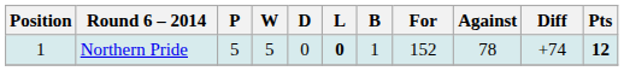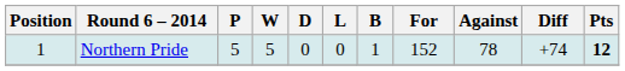 <table class="wikitable" style="text-align:center; font-size:85%;">
 <tr>
 <th width=40 abbr="Position">Position</th>
 <th width=100>Round 6 – 2014</th>
 <th width=20 abbr="Played">P</th>
 <th width=20 abbr="Won">W</th>
 <th width=20 abbr="Drawn">D</th>
 <th width=20 abbr="Lost">L</th>
 <th width=20 abbr="Bye">B</th>
 <th width=40 abbr="Points for">For</th>
 <th width=40 abbr="Points against">Against</th>
 <th width=40 abbr="Points difference">Diff</th>
 <th width=20 abbr="Points">Pts</th>
 </tr>
 <tr style="background: #d7ebed;">
 <td>1</td>
 <td style="text-align:left;"> <a href='#'>Northern Pride</a></td>
 <td>5</td>
 <td>5</td>
 <td>0</td>
-<td><strong>0</strong></td>
+<td>0</td>
 <td>1</td>
 <td>152</td>
 <td>78</td>
 <td>+74</td>
 <td><strong>12</strong></td>
 </tr>
 <tr>
 </tr>
 </table>
